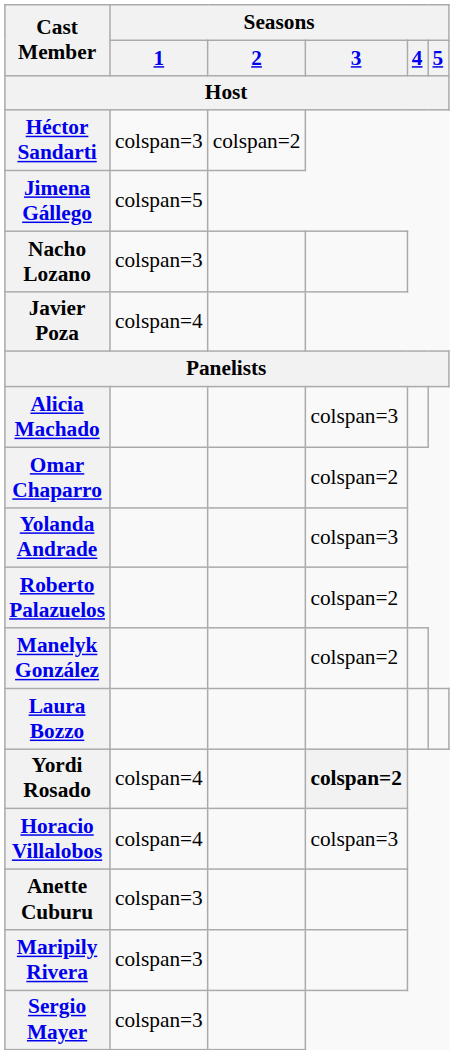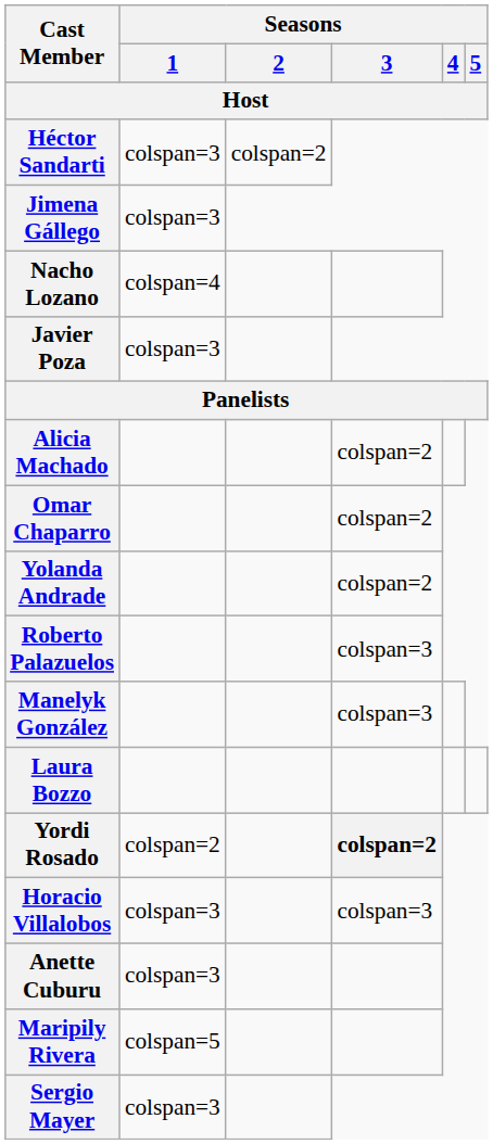 <table class="wikitable mw-collapsible mw-collapsed" style="margin-left: auto; margin-right: auto; border: none; font-size:90%; width:30%;">
 <tr>
 <th rowspan=2>Cast Member</th>
 <th colspan=6>Seasons</th>
 </tr>
 <tr>
 <th width=50><a href='#'>1</a></th>
 <th width=50><a href='#'>2</a></th>
 <th width=50><a href='#'>3</a></th>
 <th width=50><a href='#'>4</a></th>
 <th width=50><a href='#'>5</a></th>
 </tr>
 <tr>
 <th colspan=6>Host</th>
 </tr>
 <tr>
 <th><a href='#'>Héctor Sandarti</a></th>
 <td>colspan=3 </td>
 <td>colspan=2 </td>
 </tr>
 <tr>
 <th scope="row" style="text-align:center"><a href='#'>Jimena Gállego</a></th>
-<td>colspan=5 </td>
+<td>colspan=3 </td>
 </tr>
 <tr>
 <th scope="row" style="text-align:center">Nacho Lozano</th>
-<td>colspan=3 </td>
+<td>colspan=4 </td>
 <td></td>
 <td></td>
 </tr>
 <tr>
 <th scope="row" style="text-align:center">Javier Poza</th>
-<td>colspan=4 </td>
+<td>colspan=3 </td>
 <td></td>
 </tr>
 <tr>
 <th colspan=6>Panelists</th>
 </tr>
 <tr>
 <th scope="row" style="text-align:center"><a href='#'>Alicia Machado</a></th>
 <td></td>
 <td></td>
-<td>colspan=3 </td>
+<td>colspan=2 </td>
 <td></td>
 </tr>
 <tr>
 <th scope="row" style="text-align:center"><a href='#'>Omar Chaparro</a></th>
 <td></td>
 <td></td>
 <td>colspan=2 </td>
 </tr>
 <tr>
 <th scope="row" style="text-align:center"><a href='#'>Yolanda Andrade</a></th>
 <td></td>
 <td></td>
-<td>colspan=3 </td>
+<td>colspan=2 </td>
 </tr>
 <tr>
 <th scope="row" style="text-align:center"><a href='#'>Roberto Palazuelos</a></th>
 <td></td>
 <td></td>
-<td>colspan=2 </td>
+<td>colspan=3 </td>
 </tr>
 <tr>
 <th scope="row" style="text-align:center"><a href='#'>Manelyk González</a></th>
 <td></td>
 <td></td>
-<td>colspan=2 </td>
+<td>colspan=3 </td>
 <td></td>
 </tr>
 <tr>
 <th scope="row" style="text-align:center"><a href='#'>Laura Bozzo</a></th>
 <td></td>
 <td></td>
 <td></td>
 <td></td>
 <td></td>
 </tr>
 <tr>
 <th scope="row" style="text-align:center">Yordi Rosado</th>
-<td>colspan=4 </td>
+<td>colspan=2 </td>
 <td></td>
 <th>colspan=2 </th>
 </tr>
 <tr>
 <th scope="row" style="text-align:center"><a href='#'>Horacio Villalobos</a></th>
-<td>colspan=4 </td>
+<td>colspan=3 </td>
 <td></td>
 <td>colspan=3 </td>
 </tr>
 <tr>
 <th scope="row" style="text-align:center">Anette Cuburu</th>
 <td>colspan=3 </td>
 <td></td>
 <td></td>
 </tr>
 <tr>
 <th scope="row" style="text-align:center"><a href='#'>Maripily Rivera</a></th>
-<td>colspan=3 </td>
+<td>colspan=5 </td>
 <td></td>
 <td></td>
 </tr>
 <tr>
 <th scope="row" style="text-align:center"><a href='#'>Sergio Mayer</a></th>
 <td>colspan=3 </td>
 <td></td>
 </tr>
 <tr>
 </tr>
 </table>
